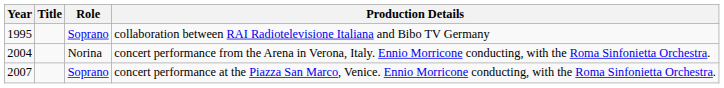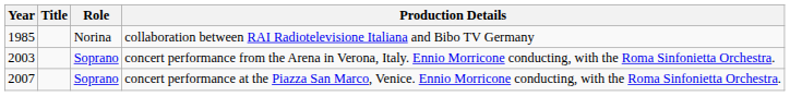 <table class="wikitable">
 <tr>
 <th>Year</th>
 <th>Title</th>
 <th>Role</th>
 <th>Production Details</th>
 </tr>
 <tr>
-<td>1995</td>
+<td>1985</td>
 <td></td>
-<td><a href='#'>Soprano</a></td>
+<td>Norina</td>
 <td>collaboration between <a href='#'>RAI Radiotelevisione Italiana</a> and Bibo TV Germany</td>
 </tr>
 <tr>
-<td>2004</td>
+<td>2003</td>
 <td></td>
-<td>Norina</td>
+<td><a href='#'>Soprano</a></td>
 <td>concert performance from the Arena in Verona, Italy. <a href='#'>Ennio Morricone</a> conducting, with the <a href='#'>Roma Sinfonietta Orchestra</a>.</td>
 </tr>
 <tr>
 <td>2007</td>
 <td></td>
 <td><a href='#'>Soprano</a></td>
 <td>concert performance at the <a href='#'>Piazza San Marco</a>, Venice. <a href='#'>Ennio Morricone</a> conducting, with the <a href='#'>Roma Sinfonietta Orchestra</a>.</td>
 </tr>
 </table>
